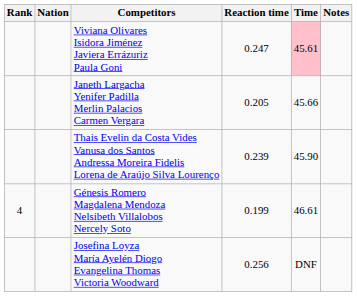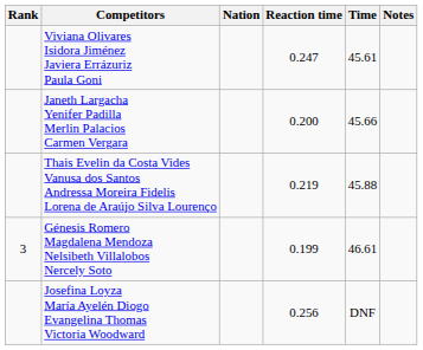 <table class="wikitable sortable" style="text-align:center">
 <tr>
 <th>Rank</th>
+<th>Competitors</th>
 <th>Nation</th>
-<th>Competitors</th>
 <th>Reaction time</th>
 <th>Time</th>
 <th>Notes</th>
 </tr>
 <tr>
 <td></td>
+<td align=left><a href='#'>Viviana Olivares</a><br><a href='#'>Isidora Jiménez</a><br><a href='#'>Javiera Errázuriz</a><br><a href='#'>Paula Goni</a></td>
 <td align=left></td>
-<td align=left><a href='#'>Viviana Olivares</a><br><a href='#'>Isidora Jiménez</a><br><a href='#'>Javiera Errázuriz</a><br><a href='#'>Paula Goni</a></td>
 <td>0.247</td>
-<td style="background: pink;">45.61</td>
+<td>45.61</td>
 <td></td>
 </tr>
 <tr>
 <td></td>
+<td align=left><a href='#'>Janeth Largacha</a><br><a href='#'>Yenifer Padilla</a><br><a href='#'>Merlin Palacios</a><br><a href='#'>Carmen Vergara</a></td>
 <td align=left></td>
-<td align=left><a href='#'>Janeth Largacha</a><br><a href='#'>Yenifer Padilla</a><br><a href='#'>Merlin Palacios</a><br><a href='#'>Carmen Vergara</a></td>
-<td>0.205</td>
+<td>0.200</td>
 <td>45.66</td>
 <td></td>
 </tr>
 <tr>
 <td></td>
+<td align=left><a href='#'>Thais Evelin da Costa Vides</a><br><a href='#'>Vanusa dos Santos</a><br><a href='#'>Andressa Moreira Fidelis</a><br><a href='#'>Lorena de Araújo Silva Lourenço</a></td>
 <td align=left></td>
-<td align=left><a href='#'>Thais Evelin da Costa Vides</a><br><a href='#'>Vanusa dos Santos</a><br><a href='#'>Andressa Moreira Fidelis</a><br><a href='#'>Lorena de Araújo Silva Lourenço</a></td>
-<td>0.239</td>
-<td>45.90</td>
+<td>0.219</td>
+<td>45.88</td>
 <td></td>
 </tr>
 <tr>
-<td>4</td>
+<td>3</td>
+<td align=left><a href='#'>Génesis Romero</a><br><a href='#'>Magdalena Mendoza</a><br><a href='#'>Nelsibeth Villalobos</a><br><a href='#'>Nercely Soto</a></td>
 <td align=left></td>
-<td align=left><a href='#'>Génesis Romero</a><br><a href='#'>Magdalena Mendoza</a><br><a href='#'>Nelsibeth Villalobos</a><br><a href='#'>Nercely Soto</a></td>
 <td>0.199</td>
 <td>46.61</td>
 <td></td>
 </tr>
 <tr>
 <td></td>
+<td align=left><a href='#'>Josefina Loyza</a><br><a href='#'>María Ayelén Diogo</a><br><a href='#'>Evangelina Thomas</a><br><a href='#'>Victoria Woodward</a></td>
 <td align=left></td>
-<td align=left><a href='#'>Josefina Loyza</a><br><a href='#'>María Ayelén Diogo</a><br><a href='#'>Evangelina Thomas</a><br><a href='#'>Victoria Woodward</a></td>
 <td>0.256</td>
 <td>DNF</td>
 <td></td>
 </tr>
 </table>
